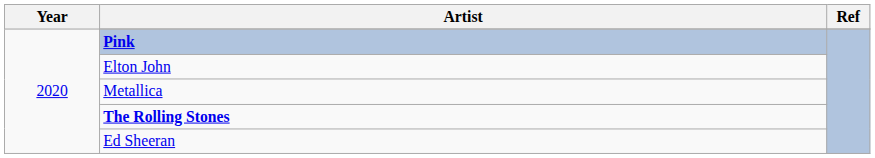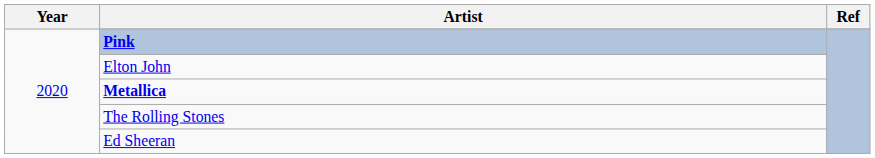 <table class="wikitable" style="width:100%;">
 <tr style="background:#bebebe;">
 <th style="width:11%;">Year</th>
 <th style="width:84%;">Artist</th>
 <th style="width:5%;">Ref</th>
 </tr>
 <tr>
 <td rowspan="6" align="center"><a href='#'>2020</a></td>
 </tr>
 <tr style="background:#B0C4DE">
 <td><strong><a href='#'>Pink</a></strong></td>
 <td rowspan="6" align="center"></td>
 </tr>
 <tr>
 <td><a href='#'>Elton John</a></td>
 </tr>
 <tr>
-<td><a href='#'>Metallica</a></td>
+<td><strong><a href='#'>Metallica</a></strong></td>
 </tr>
 <tr>
-<td><strong><a href='#'>The Rolling Stones</a></strong></td>
+<td><a href='#'>The Rolling Stones</a></td>
 </tr>
 <tr>
 <td><a href='#'>Ed Sheeran</a></td>
 </tr>
 </table>
